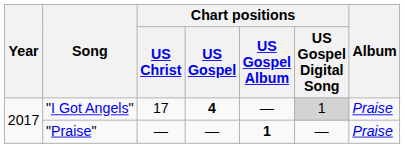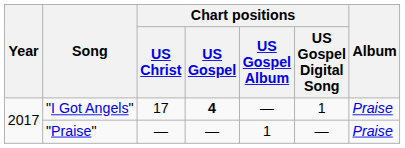 <table class="wikitable">
 <tr>
 <th rowspan=2>Year</th>
 <th rowspan=2>Song</th>
 <th colspan=4>Chart positions</th>
 <th rowspan=2>Album</th>
 </tr>
 <tr>
 <th width="45"><a href='#'>US<br>Christ</a><br></th>
 <th width="45"><a href='#'>US<br>Gospel</a><br></th>
 <th width="45"><a href='#'>US<br>Gospel Album</a><br></th>
 <th width="45">US<br>Gospel Digital Song<br></th>
 </tr>
 <tr>
 <td align="left" rowspan=15>2017</td>
 <td align="left">"<a href='#'>I Got Angels</a>"</td>
 <td align="center">17</td>
 <td align="center"><strong>4</strong></td>
 <td align="center">—</td>
-<td align="center" style="background: lightgrey;">1</td>
+<td align="center">1</td>
 <td align="left"><em><a href='#'>Praise</a></em></td>
 </tr>
 <tr>
 <td align="left">"<a href='#'>Praise</a>"</td>
 <td align="center">—</td>
 <td align="center">—</td>
-<td align="center"><strong>1</strong></td>
+<td align="center">1</td>
 <td align="center">—</td>
 <td align="left"><em><a href='#'>Praise</a></em></td>
 </tr>
 </table>
